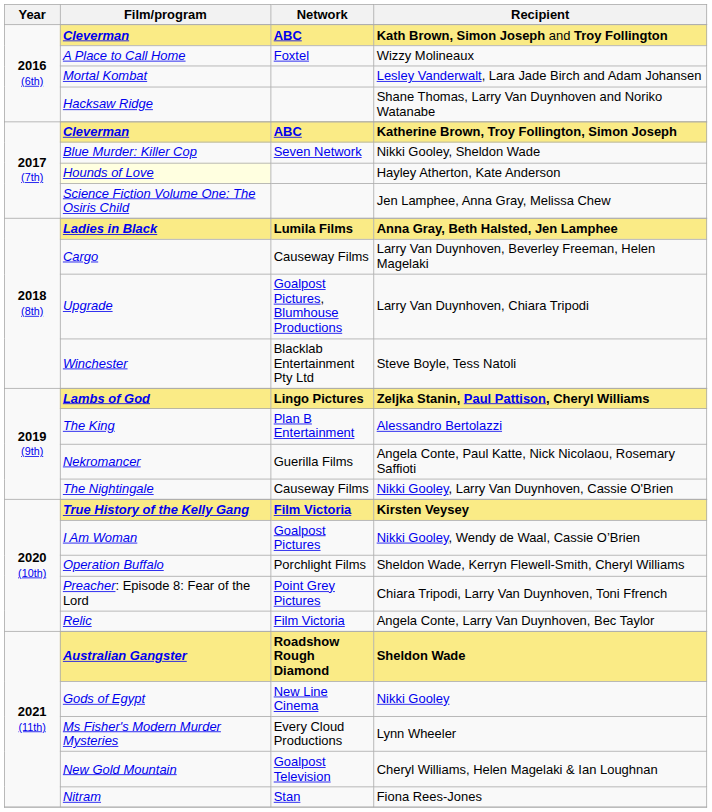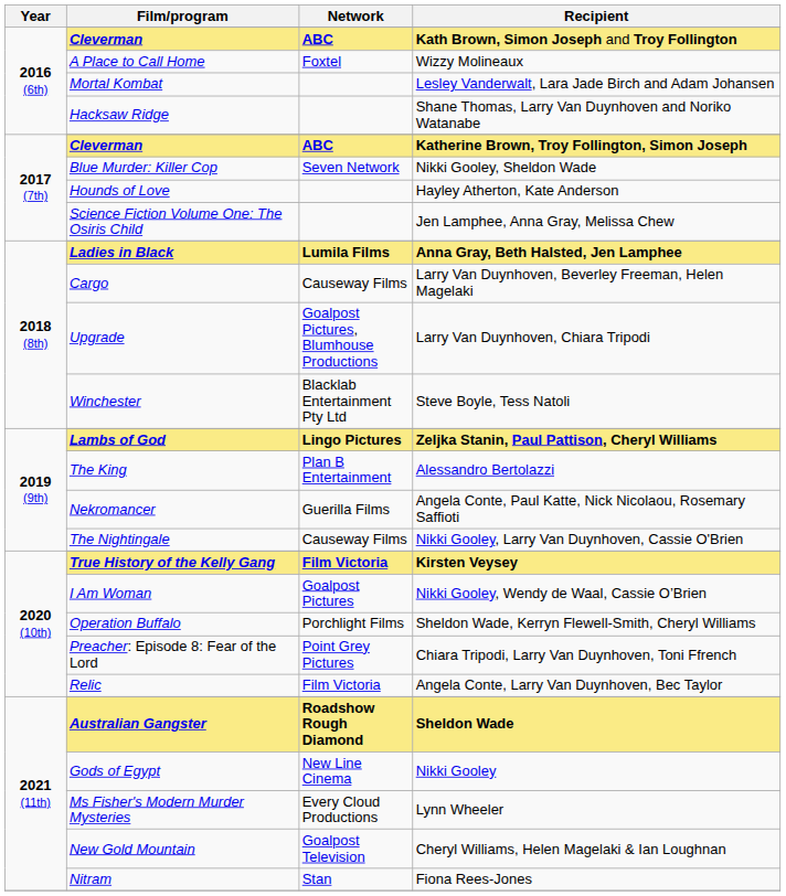 <table class="sortable wikitable">
 <tr>
 <th width="5%">Year</th>
 <th width="19%">Film/program</th>
 <th width="4%">Network</th>
 <th width="30%">Recipient</th>
 </tr>
 <tr>
 <td rowspan=5 align="center"><strong>2016</strong><br><small><a href='#'>(6th)</a></small></td>
 </tr>
 <tr style="background:#FAEB86">
 <td><strong><em><a href='#'>Cleverman</a></em></strong></td>
 <td><strong><a href='#'>ABC</a></strong></td>
 <td><strong>Kath Brown, Simon Joseph</strong> and <strong>Troy Follington</strong></td>
 </tr>
 <tr>
 <td><em><a href='#'>A Place to Call Home</a></em></td>
 <td><a href='#'>Foxtel</a></td>
 <td>Wizzy Molineaux</td>
 </tr>
 <tr>
 <td><em><a href='#'>Mortal Kombat</a></em></td>
 <td></td>
 <td><a href='#'>Lesley Vanderwalt</a>, Lara Jade Birch and Adam Johansen</td>
 </tr>
 <tr>
 <td><em><a href='#'>Hacksaw Ridge</a></em></td>
 <td></td>
 <td>Shane Thomas, Larry Van Duynhoven and Noriko Watanabe</td>
 </tr>
 <tr>
 <td rowspan=5 align="center"><strong>2017</strong><br><small><a href='#'>(7th)</a></small></td>
 </tr>
 <tr style="background:#FAEB86">
 <td><strong><em><a href='#'>Cleverman</a></em></strong></td>
 <td><strong><a href='#'>ABC</a></strong></td>
 <td><strong>Katherine Brown, Troy Follington, Simon Joseph</strong></td>
 </tr>
 <tr>
 <td><em><a href='#'>Blue Murder: Killer Cop</a></em></td>
 <td><a href='#'>Seven Network</a></td>
 <td>Nikki Gooley, Sheldon Wade</td>
 </tr>
 <tr>
-<td style="background: lightyellow;"><em><a href='#'>Hounds of Love</a></em></td>
+<td><em><a href='#'>Hounds of Love</a></em></td>
 <td></td>
 <td>Hayley Atherton, Kate Anderson</td>
 </tr>
 <tr>
 <td><em><a href='#'>Science Fiction Volume One: The Osiris Child</a></em></td>
 <td></td>
 <td>Jen Lamphee, Anna Gray, Melissa Chew</td>
 </tr>
 <tr>
 <td rowspan=5 align="center"><strong>2018</strong><br><small><a href='#'>(8th)</a></small></td>
 </tr>
 <tr style="background:#FAEB86">
 <td><strong><em><a href='#'>Ladies in Black</a></em></strong></td>
 <td><strong>Lumila Films</strong></td>
 <td><strong>Anna Gray, Beth Halsted, Jen Lamphee</strong></td>
 </tr>
 <tr>
 <td><em><a href='#'>Cargo</a></em></td>
 <td>Causeway Films</td>
 <td>Larry Van Duynhoven, Beverley Freeman, Helen Magelaki</td>
 </tr>
 <tr>
 <td><em><a href='#'>Upgrade</a></em></td>
 <td><a href='#'>Goalpost Pictures</a>, <a href='#'>Blumhouse Productions</a></td>
 <td>Larry Van Duynhoven, Chiara Tripodi</td>
 </tr>
 <tr>
 <td><em><a href='#'>Winchester</a></em></td>
 <td>Blacklab Entertainment Pty Ltd</td>
 <td>Steve Boyle, Tess Natoli</td>
 </tr>
 <tr>
 <td rowspan=5 align="center"><strong>2019</strong><br><small><a href='#'>(9th)</a></small></td>
 </tr>
 <tr style="background:#FAEB86">
 <td><strong><em><a href='#'>Lambs of God</a></em></strong></td>
 <td><strong>Lingo Pictures</strong></td>
 <td><strong>Zeljka Stanin, <a href='#'>Paul Pattison</a>, Cheryl Williams</strong></td>
 </tr>
 <tr>
 <td><em><a href='#'>The King</a></em></td>
 <td><a href='#'>Plan B Entertainment</a></td>
 <td><a href='#'>Alessandro Bertolazzi</a></td>
 </tr>
 <tr>
 <td><em><a href='#'>Nekromancer</a></em></td>
 <td>Guerilla Films</td>
 <td>Angela Conte, Paul Katte, Nick Nicolaou, Rosemary Saffioti</td>
 </tr>
 <tr>
 <td><em><a href='#'>The Nightingale</a></em></td>
 <td>Causeway Films</td>
 <td><a href='#'>Nikki Gooley</a>, Larry Van Duynhoven, Cassie O'Brien</td>
 </tr>
 <tr>
 <td rowspan=6 align="center"><strong>2020</strong><br><small><a href='#'>(10th)</a></small></td>
 </tr>
 <tr style="background:#FAEB86">
 <td><strong><em><a href='#'>True History of the Kelly Gang</a></em></strong></td>
 <td><strong><a href='#'>Film Victoria</a></strong></td>
 <td><strong>Kirsten Veysey</strong></td>
 </tr>
 <tr>
 <td><em><a href='#'>I Am Woman</a></em></td>
 <td><a href='#'>Goalpost Pictures</a></td>
 <td><a href='#'>Nikki Gooley</a>, Wendy de Waal, Cassie O’Brien</td>
 </tr>
 <tr>
 <td><em><a href='#'>Operation Buffalo</a></em></td>
 <td>Porchlight Films</td>
 <td>Sheldon Wade, Kerryn Flewell-Smith, Cheryl Williams</td>
 </tr>
 <tr>
 <td><em><a href='#'>Preacher</a></em>: Episode 8: Fear of the Lord</td>
 <td><a href='#'>Point Grey Pictures</a></td>
 <td>Chiara Tripodi, Larry Van Duynhoven, Toni Ffrench</td>
 </tr>
 <tr>
 <td><em><a href='#'>Relic</a></em></td>
 <td><a href='#'>Film Victoria</a></td>
 <td>Angela Conte, Larry Van Duynhoven, Bec Taylor</td>
 </tr>
 <tr>
 <td rowspan=6 align="center"><strong>2021</strong><br><small><a href='#'>(11th)</a></small></td>
 </tr>
 <tr style="background:#FAEB86">
 <td><strong><em><a href='#'>Australian Gangster</a></em></strong></td>
 <td><strong>Roadshow Rough Diamond</strong></td>
 <td><strong>Sheldon Wade</strong></td>
 </tr>
 <tr>
 <td><em><a href='#'>Gods of Egypt</a></em></td>
 <td><a href='#'>New Line Cinema</a></td>
 <td><a href='#'>Nikki Gooley</a></td>
 </tr>
 <tr>
 <td><em><a href='#'>Ms Fisher's Modern Murder Mysteries</a></em></td>
 <td>Every Cloud Productions</td>
 <td>Lynn Wheeler</td>
 </tr>
 <tr>
 <td><em><a href='#'>New Gold Mountain</a></em></td>
 <td><a href='#'>Goalpost Television</a></td>
 <td>Cheryl Williams, Helen Magelaki & Ian Loughnan</td>
 </tr>
 <tr>
 <td><em><a href='#'>Nitram</a></em></td>
 <td><a href='#'>Stan</a></td>
 <td>Fiona Rees-Jones</td>
 </tr>
 <tr>
 </tr>
 </table>
